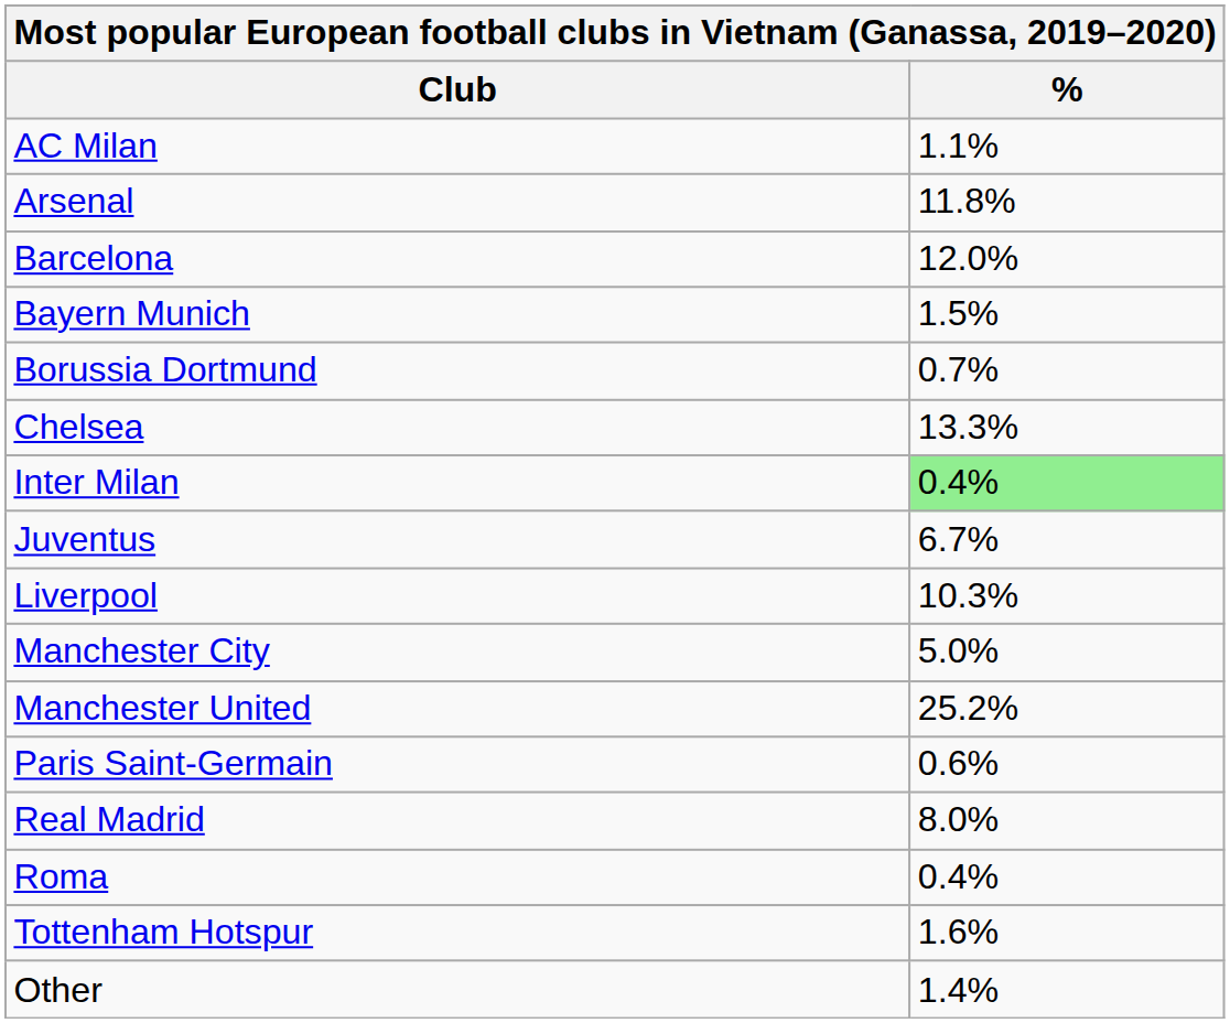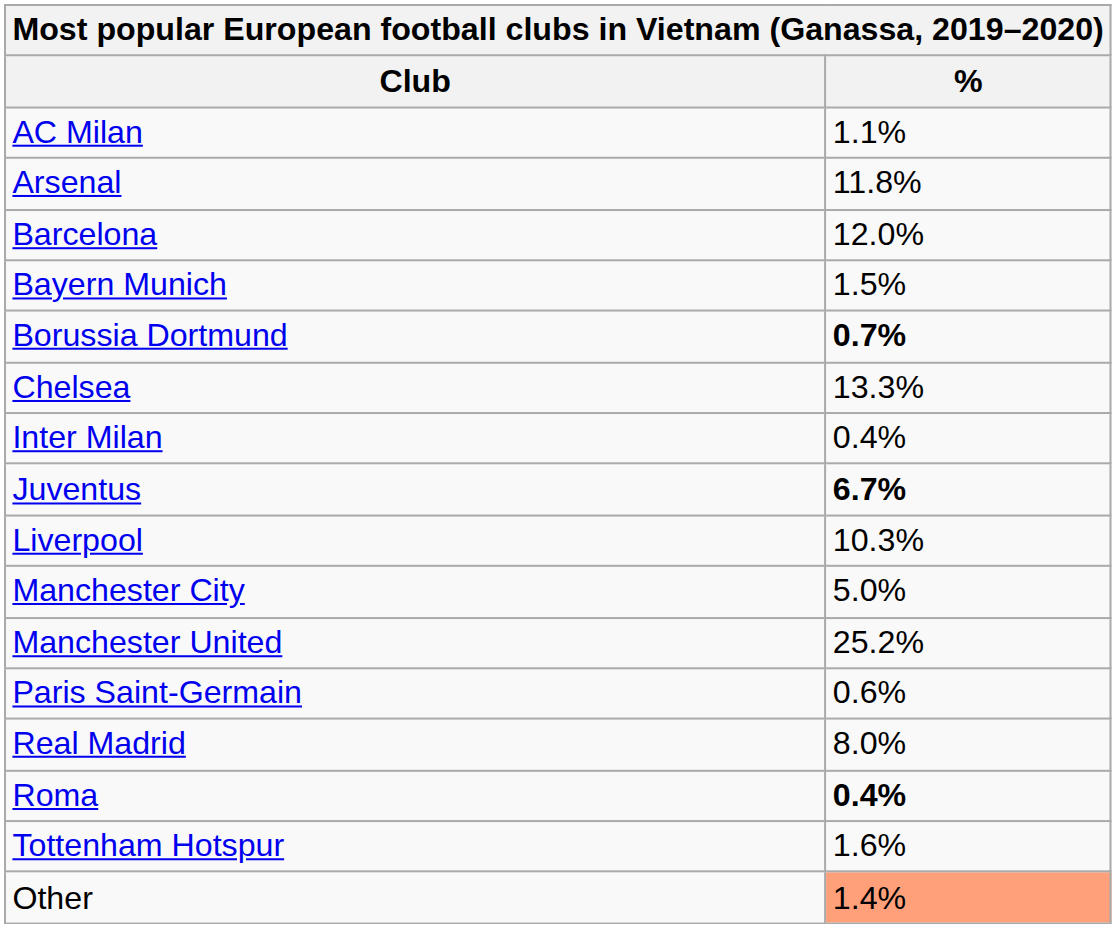 <table class="wikitable sortable">
 <tr>
 <th colspan="2">Most popular European football clubs in Vietnam (Ganassa, 2019–2020)</th>
 </tr>
 <tr>
 <th>Club</th>
 <th>%</th>
 </tr>
 <tr>
 <td> <a href='#'>AC Milan</a></td>
 <td>1.1%</td>
 </tr>
 <tr>
 <td> <a href='#'>Arsenal</a></td>
 <td>11.8%</td>
 </tr>
 <tr>
 <td> <a href='#'>Barcelona</a></td>
 <td>12.0%</td>
 </tr>
 <tr>
 <td> <a href='#'>Bayern Munich</a></td>
 <td>1.5%</td>
 </tr>
 <tr>
 <td> <a href='#'>Borussia Dortmund</a></td>
-<td>0.7%</td>
+<td><strong>0.7%</strong></td>
 </tr>
 <tr>
 <td> <a href='#'>Chelsea</a></td>
 <td>13.3%</td>
 </tr>
 <tr>
 <td> <a href='#'>Inter Milan</a></td>
-<td style="background: lightgreen;">0.4%</td>
+<td>0.4%</td>
 </tr>
 <tr>
 <td> <a href='#'>Juventus</a></td>
-<td>6.7%</td>
+<td><strong>6.7%</strong></td>
 </tr>
 <tr>
 <td> <a href='#'>Liverpool</a></td>
 <td>10.3%</td>
 </tr>
 <tr>
 <td> <a href='#'>Manchester City</a></td>
 <td>5.0%</td>
 </tr>
 <tr>
 <td> <a href='#'>Manchester United</a></td>
 <td>25.2%</td>
 </tr>
 <tr>
 <td> <a href='#'>Paris Saint-Germain</a></td>
 <td>0.6%</td>
 </tr>
 <tr>
 <td> <a href='#'>Real Madrid</a></td>
 <td>8.0%</td>
 </tr>
 <tr>
 <td> <a href='#'>Roma</a></td>
-<td>0.4%</td>
+<td><strong>0.4%</strong></td>
 </tr>
 <tr>
 <td> <a href='#'>Tottenham Hotspur</a></td>
 <td>1.6%</td>
 </tr>
 <tr>
 <td>Other</td>
-<td>1.4%</td>
+<td style="background: lightsalmon;">1.4%</td>
 </tr>
 </table>
